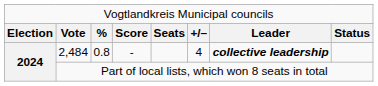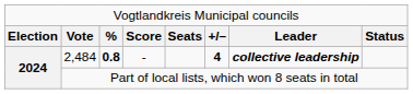 <table class="wikitable" style="font-size:97%; text-align:center;">
 <tr>
 <td colspan="8">Vogtlandkreis Municipal councils</td>
 </tr>
 <tr>
 <th>Election</th>
 <th>Vote</th>
 <th>%</th>
 <th>Score</th>
 <th>Seats</th>
 <th>+/–</th>
 <th>Leader</th>
 <th>Status</th>
 </tr>
 <tr>
 <th rowspan=2>2024</th>
 <td>2,484</td>
-<td>0.8</td>
+<td><strong>0.8</strong></td>
 <td>-</td>
 <td></td>
-<td>4</td>
+<td><strong>4</strong></td>
 <td><strong><em>collective leadership</em></strong></td>
 <td></td>
 </tr>
 <tr>
 <td colspan=7>Part of local lists, which won 8 seats in total</td>
 </tr>
 </table>
